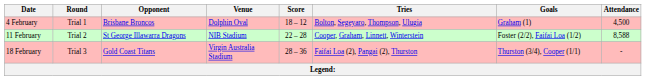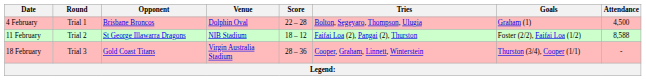 <table class="wikitable" style="font-size:75%;">
 <tr>
 <th style="width:75px;">Date</th>
 <th style="width:75px;">Round</th>
 <th style="width:170px;">Opponent</th>
 <th style="width:115px;">Venue</th>
 <th style="width:50px;">Score</th>
 <th style="width:300px;">Tries</th>
 <th style="width:170px;">Goals</th>
 <th style="width:60px;">Attendance</th>
 </tr>
 <tr style="background:#FFBBBB">
 <td>4 February</td>
 <td style="text-align:center;">Trial 1</td>
 <td> <a href='#'>Brisbane Broncos</a></td>
 <td><a href='#'>Dolphin Oval</a></td>
-<td style="text-align:center;">18 – 12</td>
+<td style="text-align:center;">22 – 28</td>
 <td><a href='#'>Bolton</a>, <a href='#'>Segeyaro</a>, <a href='#'>Thompson</a>, <a href='#'>Ulugia</a></td>
 <td><a href='#'>Graham</a> (1)</td>
 <td style="text-align:center;">4,500</td>
 </tr>
 <tr style="background:#CCFFCC">
 <td>11 February</td>
 <td style="text-align:center;">Trial 2</td>
 <td> <a href='#'>St George Illawarra Dragons</a></td>
 <td><a href='#'>NIB Stadium</a></td>
-<td style="text-align:center;">22 – 28</td>
-<td><a href='#'>Cooper</a>, <a href='#'>Graham</a>, <a href='#'>Linnett</a>, <a href='#'>Winterstein</a></td>
+<td style="text-align:center;">18 – 12</td>
+<td><a href='#'>Faifai Loa</a> (2), <a href='#'>Pangai</a> (2), <a href='#'>Thurston</a></td>
 <td>Foster (2/2), <a href='#'>Faifai Loa</a> (1/2)</td>
 <td style="text-align:center;">8,588</td>
 </tr>
 <tr style="background:#FFBBBB">
 <td>18 February</td>
 <td style="text-align:center;">Trial 3</td>
 <td> <a href='#'>Gold Coast Titans</a></td>
 <td><a href='#'>Virgin Australia Stadium</a></td>
 <td style="text-align:center;">28 – 36</td>
-<td><a href='#'>Faifai Loa</a> (2), <a href='#'>Pangai</a> (2), <a href='#'>Thurston</a></td>
+<td><a href='#'>Cooper</a>, <a href='#'>Graham</a>, <a href='#'>Linnett</a>, <a href='#'>Winterstein</a></td>
 <td><a href='#'>Thurston</a> (3/4), <a href='#'>Cooper</a> (1/1)</td>
 <td style="text-align:center;">-</td>
 </tr>
 <tr>
 <th colspan="11"><strong>Legend</strong>:   </th>
 </tr>
 </table>
